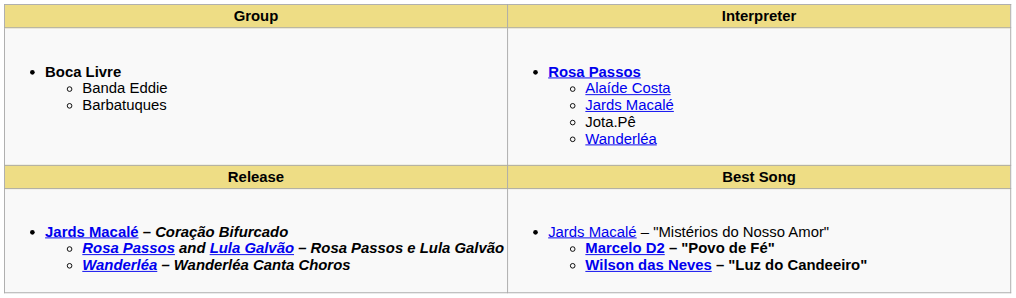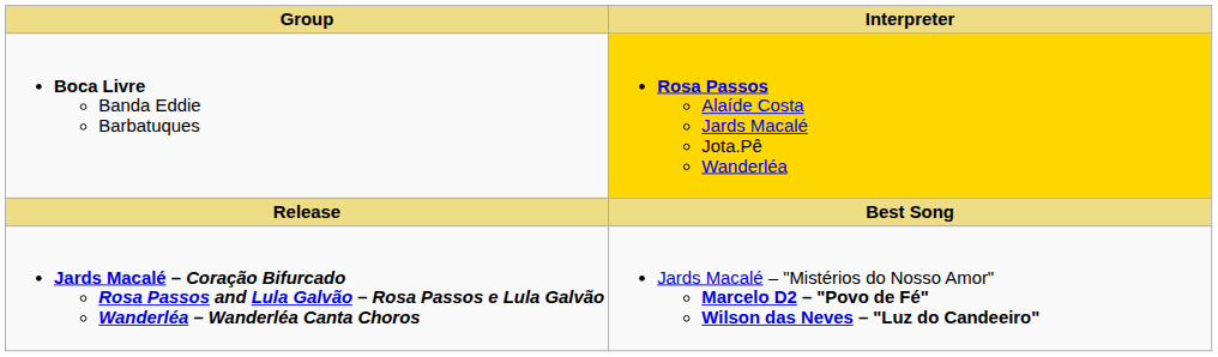 <table class="wikitable" style="width=">
 <tr>
 <th scope="col" style="background:#EEDD85; width:50%">Group</th>
 <th scope="col" style="background:#EEDD85; width:50%">Interpreter</th>
 </tr>
 <tr>
 <td style="vertical-align:top"><br><ul><li><strong>Boca Livre</strong><ul><li>Banda Eddie</li><li>Barbatuques</li></ul></li></ul></td>
-<td style="vertical-align:top"><br><ul><li><strong><a href='#'>Rosa Passos</a></strong><ul><li><a href='#'>Alaíde Costa</a></li><li><a href='#'>Jards Macalé</a></li><li>Jota.Pê</li><li><a href='#'>Wanderléa</a></li></ul></li></ul></td>
+<td style="background: gold; vertical-align:top"><br><ul><li><strong><a href='#'>Rosa Passos</a></strong><ul><li><a href='#'>Alaíde Costa</a></li><li><a href='#'>Jards Macalé</a></li><li>Jota.Pê</li><li><a href='#'>Wanderléa</a></li></ul></li></ul></td>
 </tr>
 <tr>
 <th scope="col" style="background:#EEDD85; width:50%">Release</th>
 <th scope="col" style="background:#EEDD85; width:50%">Best Song</th>
 </tr>
 <tr>
 <td style="vertical-align:top"><br><ul><li><strong><a href='#'>Jards Macalé</a> – <em>Coração Bifurcado<strong><em><ul><li><a href='#'>Rosa Passos</a> and <a href='#'>Lula Galvão</a> – </em>Rosa Passos e Lula Galvão<em></li><li><a href='#'>Wanderléa</a> – </em>Wanderléa Canta Choros<em></li></ul></li></ul></td>
 <td style="vertical-align:top"><br><ul><li></strong><a href='#'>Jards Macalé</a> – "Mistérios do Nosso Amor"<strong><ul><li><a href='#'>Marcelo D2</a> – "Povo de Fé"</li><li><a href='#'>Wilson das Neves</a> – "Luz do Candeeiro"</li></ul></li></ul></td>
 </tr>
 </table>
